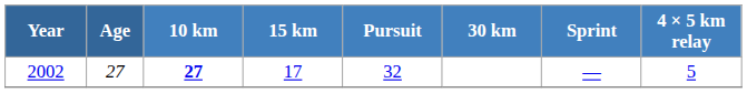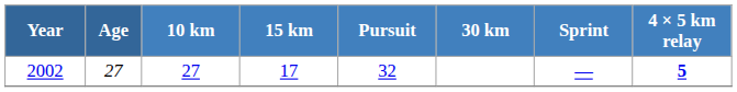 <table class="wikitable" style="font-size:95%; text-align:center; border:grey solid 1px; border-collapse:collapse; background:#ffffff;">
 <tr>
 <th style="background-color:#369; color:white; width:60px;"> Year </th>
 <th style="background-color:#369; color:white; width:40px;"> Age </th>
 <th style="background-color:#4180be; color:white; width:75px;"> 10 km </th>
 <th style="background-color:#4180be; color:white; width:75px;"> 15 km </th>
 <th style="background-color:#4180be; color:white; width:75px;"> Pursuit </th>
 <th style="background-color:#4180be; color:white; width:75px;"> 30 km </th>
 <th style="background-color:#4180be; color:white; width:75px;"> Sprint </th>
 <th style="background-color:#4180be; color:white; width:75px;"> 4 × 5 km <br> relay </th>
 </tr>
 <tr>
 <td><a href='#'>2002</a></td>
 <td><em>27</em></td>
-<td><strong><a href='#'>27</a></strong></td>
+<td><a href='#'>27</a></td>
 <td><a href='#'>17</a></td>
 <td><a href='#'>32</a></td>
 <td><a href='#'></a></td>
 <td><a href='#'>—</a></td>
-<td><a href='#'>5</a></td>
+<td><strong><a href='#'>5</a></strong></td>
 </tr>
 <tr>
 </tr>
 </table>
